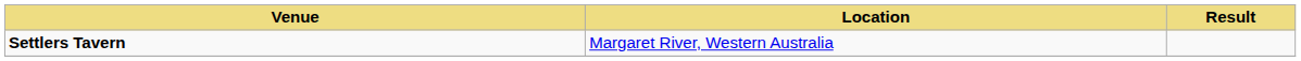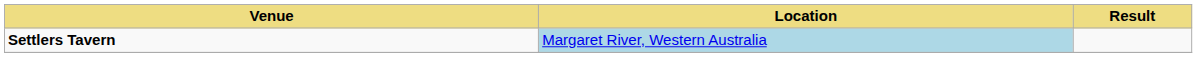 <table class="wikitable" width=100%>
 <tr>
 <th style="width:45%;background:#EEDD82;">Venue</th>
 <th style="width:45%;background:#EEDD82;">Location</th>
 <th style="width:10%;background:#EEDD82;">Result</th>
 </tr>
 <tr>
 <td><strong>Settlers Tavern</strong></td>
-<td><a href='#'>Margaret River, Western Australia</a></td>
+<td style="background: lightblue;"><a href='#'>Margaret River, Western Australia</a></td>
 <td></td>
 </tr>
 <tr>
 </tr>
 </table>
